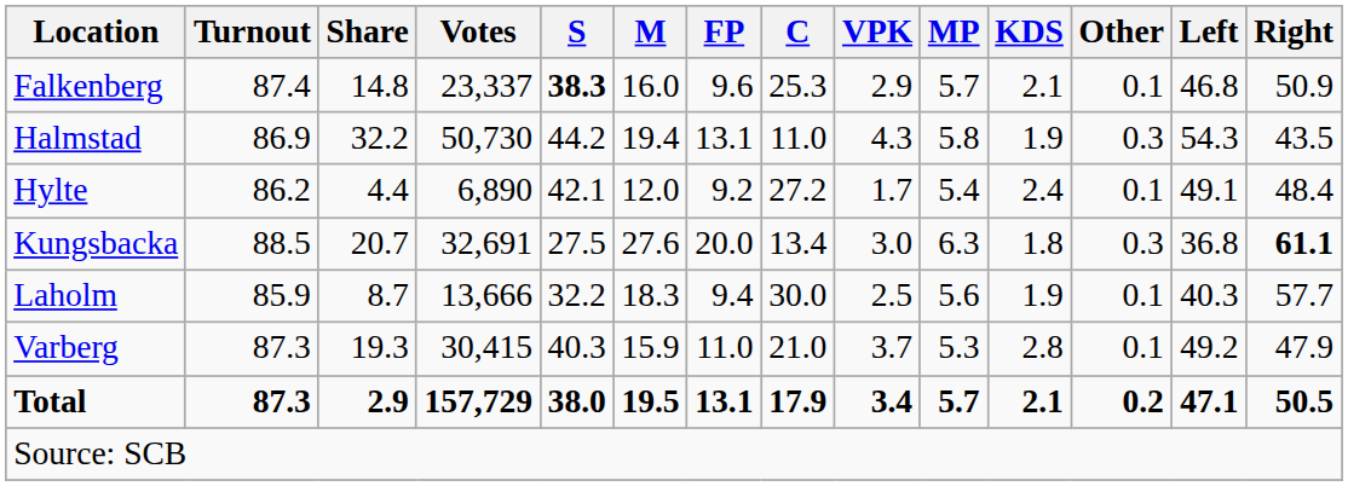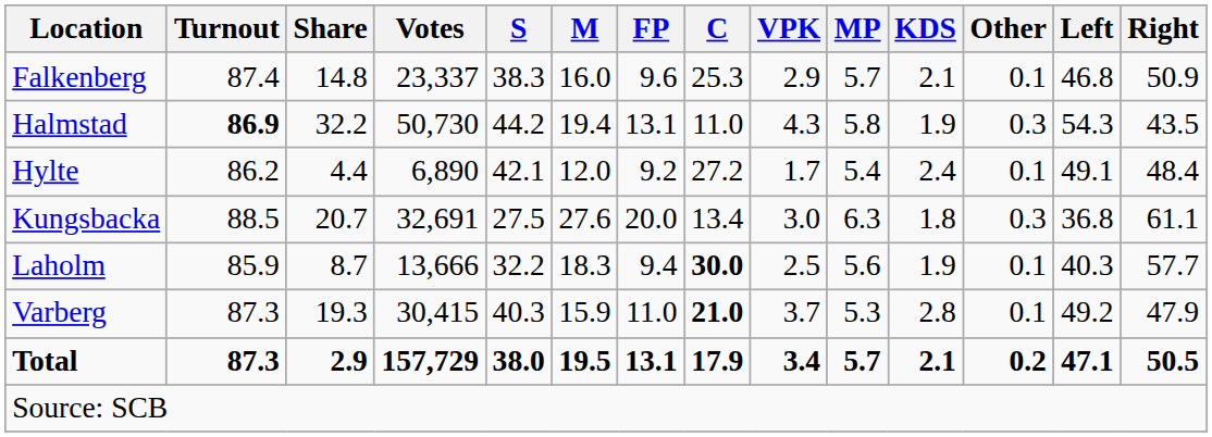 <table class="wikitable sortable" style=text-align:right>
 <tr>
 <th>Location</th>
 <th>Turnout</th>
 <th>Share</th>
 <th>Votes</th>
 <th><a href='#'>S</a></th>
 <th><a href='#'>M</a></th>
 <th><a href='#'>FP</a></th>
 <th><a href='#'>C</a></th>
 <th><a href='#'>VPK</a></th>
 <th><a href='#'>MP</a></th>
 <th><a href='#'>KDS</a></th>
 <th>Other</th>
 <th>Left</th>
 <th>Right</th>
 </tr>
 <tr>
 <td align=left><a href='#'>Falkenberg</a></td>
 <td>87.4</td>
 <td>14.8</td>
 <td>23,337</td>
-<td><strong>38.3</strong></td>
+<td>38.3</td>
 <td>16.0</td>
 <td>9.6</td>
 <td>25.3</td>
 <td>2.9</td>
 <td>5.7</td>
 <td>2.1</td>
 <td>0.1</td>
 <td>46.8</td>
 <td>50.9</td>
 </tr>
 <tr>
 <td align=left><a href='#'>Halmstad</a></td>
-<td>86.9</td>
+<td><strong>86.9</strong></td>
 <td>32.2</td>
 <td>50,730</td>
 <td>44.2</td>
 <td>19.4</td>
 <td>13.1</td>
 <td>11.0</td>
 <td>4.3</td>
 <td>5.8</td>
 <td>1.9</td>
 <td>0.3</td>
 <td>54.3</td>
 <td>43.5</td>
 </tr>
 <tr>
 <td align=left><a href='#'>Hylte</a></td>
 <td>86.2</td>
 <td>4.4</td>
 <td>6,890</td>
 <td>42.1</td>
 <td>12.0</td>
 <td>9.2</td>
 <td>27.2</td>
 <td>1.7</td>
 <td>5.4</td>
 <td>2.4</td>
 <td>0.1</td>
 <td>49.1</td>
 <td>48.4</td>
 </tr>
 <tr>
 <td align=left><a href='#'>Kungsbacka</a></td>
 <td>88.5</td>
 <td>20.7</td>
 <td>32,691</td>
 <td>27.5</td>
 <td>27.6</td>
 <td>20.0</td>
 <td>13.4</td>
 <td>3.0</td>
 <td>6.3</td>
 <td>1.8</td>
 <td>0.3</td>
 <td>36.8</td>
-<td><strong>61.1</strong></td>
+<td>61.1</td>
 </tr>
 <tr>
 <td align=left><a href='#'>Laholm</a></td>
 <td>85.9</td>
 <td>8.7</td>
 <td>13,666</td>
 <td>32.2</td>
 <td>18.3</td>
 <td>9.4</td>
-<td>30.0</td>
+<td><strong>30.0</strong></td>
 <td>2.5</td>
 <td>5.6</td>
 <td>1.9</td>
 <td>0.1</td>
 <td>40.3</td>
 <td>57.7</td>
 </tr>
 <tr>
 <td align=left><a href='#'>Varberg</a></td>
 <td>87.3</td>
 <td>19.3</td>
 <td>30,415</td>
 <td>40.3</td>
 <td>15.9</td>
 <td>11.0</td>
-<td>21.0</td>
+<td><strong>21.0</strong></td>
 <td>3.7</td>
 <td>5.3</td>
 <td>2.8</td>
 <td>0.1</td>
 <td>49.2</td>
 <td>47.9</td>
 </tr>
 <tr>
 <td align=left><strong>Total</strong></td>
 <td><strong>87.3</strong></td>
 <td><strong>2.9</strong></td>
 <td><strong>157,729</strong></td>
 <td><strong>38.0</strong></td>
 <td><strong>19.5</strong></td>
 <td><strong>13.1</strong></td>
 <td><strong>17.9</strong></td>
 <td><strong>3.4</strong></td>
 <td><strong>5.7</strong></td>
 <td><strong>2.1</strong></td>
 <td><strong>0.2</strong></td>
 <td><strong>47.1</strong></td>
 <td><strong>50.5</strong></td>
 </tr>
 <tr>
 <td align=left colspan=14>Source: SCB </td>
 </tr>
 </table>
